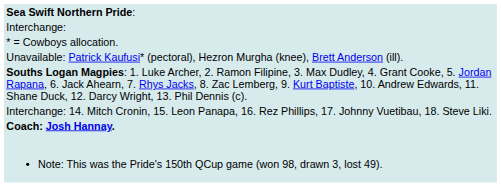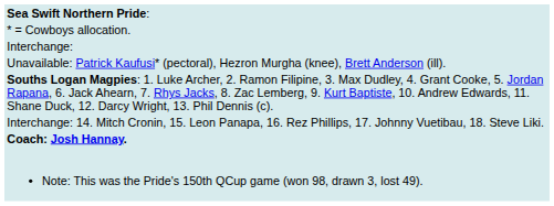 <table style="background:#d7ebed; font-size:85%; width:100%;">
 <tr>
 <td><strong>Sea Swift Northern Pride</strong>:             </td>
 </tr>
 <tr>
-<td>Interchange:    </td>
+<td>* = Cowboys allocation.</td>
 </tr>
 <tr>
-<td>* = Cowboys allocation.</td>
+<td>Interchange:    </td>
 </tr>
 <tr>
 <td>Unavailable: <a href='#'>Patrick Kaufusi</a>* (pectoral), Hezron Murgha (knee), <a href='#'>Brett Anderson</a> (ill).</td>
 </tr>
 <tr>
 <td><strong>Souths Logan Magpies</strong>: 1. Luke Archer, 2. Ramon Filipine, 3. Max Dudley, 4. Grant Cooke, 5. <a href='#'>Jordan Rapana</a>, 6. Jack Ahearn, 7. <a href='#'>Rhys Jacks</a>, 8. Zac Lemberg, 9. <a href='#'>Kurt Baptiste</a>, 10. Andrew Edwards, 11. Shane Duck, 12. Darcy Wright, 13. Phil Dennis (c).</td>
 </tr>
 <tr>
 <td>Interchange: 14. Mitch Cronin, 15. Leon Panapa, 16. Rez Phillips, 17. Johnny Vuetibau, 18. Steve Liki.</td>
 </tr>
 <tr>
 <td><strong>Coach:  <a href='#'>Josh Hannay</a>.</strong></td>
 </tr>
 <tr>
 <td><br><ul><li>Note: This was the Pride's 150th QCup game (won 98, drawn 3, lost 49).</li></ul></td>
 </tr>
 </table>
